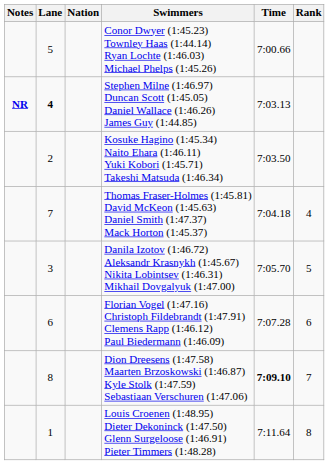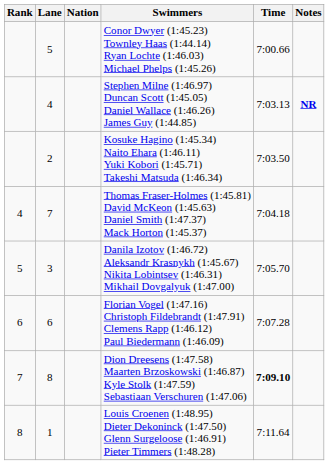 <table class="wikitable sortable" style="text-align:center">
 <tr>
-<th>Notes</th>
+<th>Rank</th>
 <th>Lane</th>
 <th>Nation</th>
 <th>Swimmers</th>
 <th>Time</th>
-<th>Rank</th>
+<th>Notes</th>
 </tr>
 <tr>
 <td></td>
 <td>5</td>
 <td align=left></td>
 <td align=left><a href='#'>Conor Dwyer</a> (1:45.23)<br><a href='#'>Townley Haas</a> (1:44.14)<br><a href='#'>Ryan Lochte</a> (1:46.03)<br><a href='#'>Michael Phelps</a> (1:45.26)</td>
 <td>7:00.66</td>
 <td></td>
 </tr>
 <tr>
-<td><strong><a href='#'>NR</a></strong></td>
-<td><strong>4</strong></td>
+<td></td>
+<td>4</td>
 <td align=left></td>
 <td align=left><a href='#'>Stephen Milne</a> (1:46.97)<br><a href='#'>Duncan Scott</a> (1:45.05)<br><a href='#'>Daniel Wallace</a> (1:46.26)<br><a href='#'>James Guy</a> (1:44.85)</td>
 <td>7:03.13</td>
-<td></td>
+<td><strong><a href='#'>NR</a></strong></td>
 </tr>
 <tr>
 <td></td>
 <td>2</td>
 <td align=left></td>
 <td align=left><a href='#'>Kosuke Hagino</a> (1:45.34)<br><a href='#'>Naito Ehara</a> (1:46.11)<br><a href='#'>Yuki Kobori</a> (1:45.71)<br><a href='#'>Takeshi Matsuda</a> (1:46.34)</td>
 <td>7:03.50</td>
 <td></td>
 </tr>
 <tr>
-<td></td>
+<td>4</td>
 <td>7</td>
 <td align=left></td>
 <td align=left><a href='#'>Thomas Fraser-Holmes</a> (1:45.81)<br><a href='#'>David McKeon</a> (1:45.63)<br><a href='#'>Daniel Smith</a> (1:47.37)<br><a href='#'>Mack Horton</a> (1:45.37)</td>
 <td>7:04.18</td>
-<td>4</td>
+<td></td>
 </tr>
 <tr>
-<td></td>
+<td>5</td>
 <td>3</td>
 <td align=left></td>
 <td align=left><a href='#'>Danila Izotov</a> (1:46.72)<br><a href='#'>Aleksandr Krasnykh</a> (1:45.67)<br><a href='#'>Nikita Lobintsev</a> (1:46.31)<br><a href='#'>Mikhail Dovgalyuk</a> (1:47.00)</td>
 <td>7:05.70</td>
-<td>5</td>
+<td></td>
 </tr>
 <tr>
-<td></td>
+<td>6</td>
 <td>6</td>
 <td align=left></td>
 <td align=left><a href='#'>Florian Vogel</a> (1:47.16)<br><a href='#'>Christoph Fildebrandt</a> (1:47.91)<br><a href='#'>Clemens Rapp</a> (1:46.12)<br><a href='#'>Paul Biedermann</a> (1:46.09)</td>
 <td>7:07.28</td>
-<td>6</td>
+<td></td>
 </tr>
 <tr>
-<td></td>
+<td>7</td>
 <td>8</td>
 <td align=left></td>
 <td align=left><a href='#'>Dion Dreesens</a> (1:47.58)<br><a href='#'>Maarten Brzoskowski</a> (1:46.87)<br><a href='#'>Kyle Stolk</a> (1:47.59)<br><a href='#'>Sebastiaan Verschuren</a> (1:47.06)</td>
 <td><strong>7:09.10</strong></td>
-<td>7</td>
+<td></td>
 </tr>
 <tr>
-<td></td>
+<td>8</td>
 <td>1</td>
 <td align=left></td>
 <td align=left><a href='#'>Louis Croenen</a> (1:48.95)<br><a href='#'>Dieter Dekoninck</a> (1:47.50)<br><a href='#'>Glenn Surgeloose</a> (1:46.91)<br><a href='#'>Pieter Timmers</a> (1:48.28)</td>
 <td>7:11.64</td>
-<td>8</td>
+<td></td>
 </tr>
 </table>
